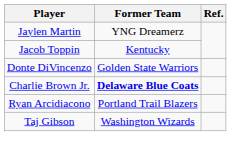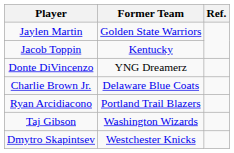 <table class="wikitable sortable sortable" style="text-align: center">
 <tr>
 <th>Player</th>
 <th>Former Team</th>
 <th>Ref.</th>
 </tr>
 <tr>
 <td><a href='#'>Jaylen Martin</a></td>
-<td>YNG Dreamerz</td>
+<td><a href='#'>Golden State Warriors</a></td>
 <td rowspan=2></td>
 </tr>
 <tr>
 <td><a href='#'>Jacob Toppin</a></td>
 <td><a href='#'>Kentucky</a></td>
 </tr>
 <tr>
 <td><a href='#'>Donte DiVincenzo</a></td>
-<td><a href='#'>Golden State Warriors</a></td>
+<td>YNG Dreamerz</td>
 <td></td>
 </tr>
 <tr>
 <td><a href='#'>Charlie Brown Jr.</a></td>
-<td><strong><a href='#'>Delaware Blue Coats</a></strong></td>
+<td><a href='#'>Delaware Blue Coats</a></td>
 <td></td>
 </tr>
 <tr>
 <td><a href='#'>Ryan Arcidiacono</a></td>
 <td><a href='#'>Portland Trail Blazers</a></td>
 <td></td>
 </tr>
 <tr>
 <td><a href='#'>Taj Gibson</a></td>
 <td><a href='#'>Washington Wizards</a></td>
 <td></td>
 </tr>
+<tr>
+<td><a href='#'>Dmytro Skapintsev</a></td>
+<td><a href='#'>Westchester Knicks</a></td>
+<td></td>
+</tr>
 </table>
